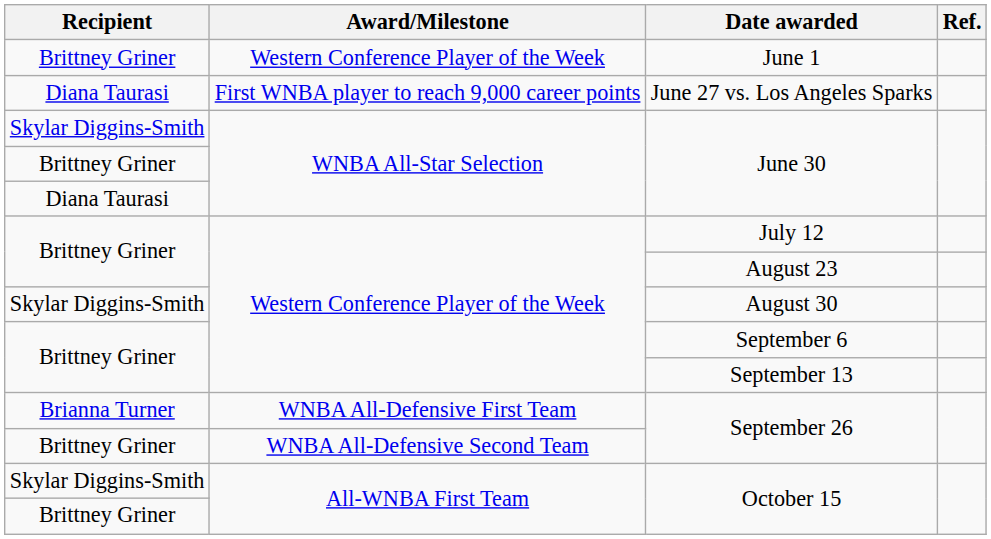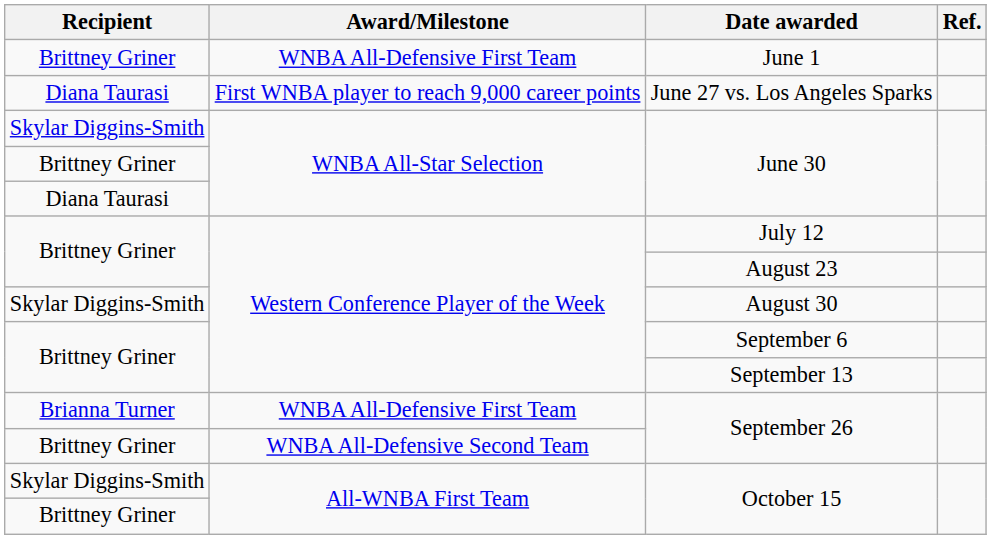 <table class="wikitable sortable sortable" style="text-align: center">
 <tr>
 <th>Recipient</th>
 <th>Award/Milestone</th>
 <th>Date awarded</th>
 <th>Ref.</th>
 </tr>
 <tr>
 <td><a href='#'>Brittney Griner</a></td>
-<td><a href='#'>Western Conference Player of the Week</a></td>
+<td><a href='#'>WNBA All-Defensive First Team</a></td>
 <td>June 1</td>
 <td></td>
 </tr>
 <tr>
 <td><a href='#'>Diana Taurasi</a></td>
 <td><a href='#'>First WNBA player to reach 9,000 career points</a></td>
 <td>June 27 vs. Los Angeles Sparks</td>
 <td></td>
 </tr>
 <tr>
 <td><a href='#'>Skylar Diggins-Smith</a></td>
 <td rowspan=3><a href='#'>WNBA All-Star Selection</a></td>
 <td rowspan=3>June 30</td>
 <td rowspan=3></td>
 </tr>
 <tr>
 <td>Brittney Griner</td>
 </tr>
 <tr>
 <td>Diana Taurasi</td>
 </tr>
 <tr>
 <td rowspan=2>Brittney Griner</td>
 <td rowspan=5><a href='#'>Western Conference Player of the Week</a></td>
 <td>July 12</td>
 <td></td>
 </tr>
 <tr>
 <td>August 23</td>
 <td></td>
 </tr>
 <tr>
 <td>Skylar Diggins-Smith</td>
 <td>August 30</td>
 <td></td>
 </tr>
 <tr>
 <td rowspan=2>Brittney Griner</td>
 <td>September 6</td>
 <td></td>
 </tr>
 <tr>
 <td>September 13</td>
 <td></td>
 </tr>
 <tr>
 <td><a href='#'>Brianna Turner</a></td>
 <td><a href='#'>WNBA All-Defensive First Team</a></td>
 <td rowspan=2>September 26</td>
 <td rowspan=2></td>
 </tr>
 <tr>
 <td>Brittney Griner</td>
 <td><a href='#'>WNBA All-Defensive Second Team</a></td>
 </tr>
 <tr>
 <td>Skylar Diggins-Smith</td>
 <td rowspan=2><a href='#'>All-WNBA First Team</a></td>
 <td rowspan=2>October 15</td>
 <td rowspan=2></td>
 </tr>
 <tr>
 <td>Brittney Griner</td>
 </tr>
 </table>
